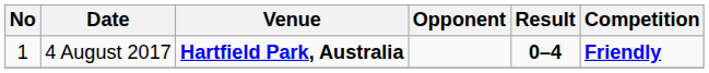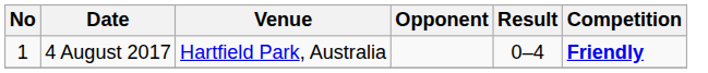 <table class="wikitable">
 <tr>
 <th>No</th>
 <th>Date</th>
 <th>Venue</th>
 <th>Opponent</th>
 <th>Result</th>
 <th>Competition</th>
 </tr>
 <tr>
 <td align=center>1</td>
 <td>4 August 2017</td>
-<td><strong><a href='#'>Hartfield Park</a>, Australia</strong></td>
+<td><a href='#'>Hartfield Park</a>, Australia</td>
 <td></td>
-<td align=center><strong>0–4</strong></td>
+<td align=center>0–4</td>
 <td><strong><a href='#'>Friendly</a></strong></td>
 </tr>
 <tr>
 </tr>
 </table>
